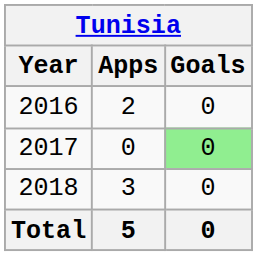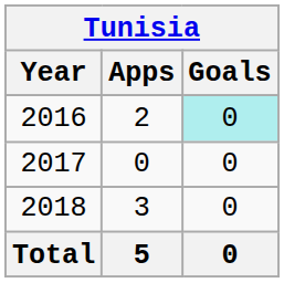 <table class="wikitable" style="text-align:center">
 <tr>
 <th colspan="3"><a href='#'>Tunisia</a></th>
 </tr>
 <tr>
 <th>Year</th>
 <th>Apps</th>
 <th>Goals</th>
 </tr>
 <tr>
 <td>2016</td>
 <td>2</td>
-<td>0</td>
+<td style="background: paleturquoise;">0</td>
 </tr>
 <tr>
 <td>2017</td>
 <td>0</td>
-<td style="background: lightgreen;">0</td>
+<td>0</td>
 </tr>
 <tr>
 <td>2018</td>
 <td>3</td>
 <td>0</td>
 </tr>
 <tr>
 <th>Total</th>
 <th>5</th>
 <th>0</th>
 </tr>
 </table>
